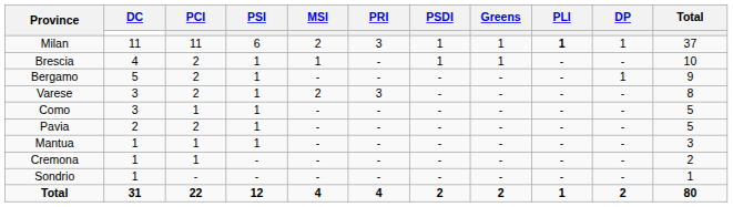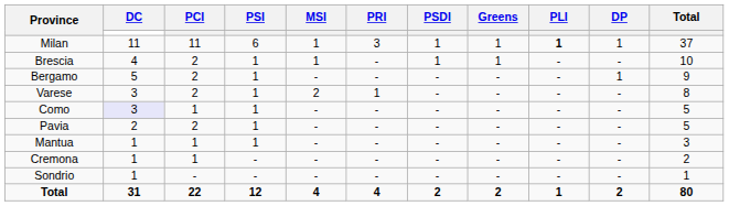 <table class="wikitable" style="text-align:center;font-size:85%;line-height:13px">
 <tr style="height:30px; background-color:#E9E9E9">
 <th style="width:110px;" rowspan="2">Province</th>
 <th style="width:65px;"><a href='#'>DC</a></th>
 <th style="width:65px;"><a href='#'>PCI</a></th>
 <th style="width:65px;"><a href='#'>PSI</a></th>
 <th style="width:65px;"><a href='#'>MSI</a></th>
 <th style="width:65px;"><a href='#'>PRI</a></th>
 <th style="width:65px;"><a href='#'>PSDI</a></th>
 <th style="width:65px;"><a href='#'>Greens</a></th>
 <th style="width:65px;"><a href='#'>PLI</a></th>
 <th style="width:65px;"><a href='#'>DP</a></th>
 <th style="width:80px;">Total</th>
 </tr>
 <tr>
 <th style="background:white;"></th>
 <th style="background:"></th>
 <th style="background:"></th>
 <th style="background:"></th>
 <th style="background:"></th>
 <th style="background:"></th>
 <th style="background:"></th>
 <th style="background:"></th>
 <th style="background:"></th>
 <th style="background:"></th>
 </tr>
 <tr>
 <td>Milan</td>
 <td>11</td>
 <td>11</td>
 <td>6</td>
-<td>2</td>
+<td>1</td>
 <td>3</td>
 <td>1</td>
 <td>1</td>
 <td><strong>1</strong></td>
 <td>1</td>
 <td>37</td>
 </tr>
 <tr>
 <td>Brescia</td>
 <td>4</td>
 <td>2</td>
 <td>1</td>
 <td>1</td>
 <td>-</td>
 <td>1</td>
 <td>1</td>
 <td>-</td>
 <td>-</td>
 <td>10</td>
 </tr>
 <tr>
 <td>Bergamo</td>
 <td>5</td>
 <td>2</td>
 <td>1</td>
 <td>-</td>
 <td>-</td>
 <td>-</td>
 <td>-</td>
 <td>-</td>
 <td>1</td>
 <td>9</td>
 </tr>
 <tr>
 <td>Varese</td>
 <td>3</td>
 <td>2</td>
 <td>1</td>
 <td>2</td>
-<td>3</td>
+<td>1</td>
 <td>-</td>
 <td>-</td>
 <td>-</td>
 <td>-</td>
 <td>8</td>
 </tr>
 <tr>
 <td>Como</td>
-<td>3</td>
+<td style="background: lavender;">3</td>
 <td>1</td>
 <td>1</td>
 <td>-</td>
 <td>-</td>
 <td>-</td>
 <td>-</td>
 <td>-</td>
 <td>-</td>
 <td>5</td>
 </tr>
 <tr>
 <td>Pavia</td>
 <td>2</td>
 <td>2</td>
 <td>1</td>
 <td>-</td>
 <td>-</td>
 <td>-</td>
 <td>-</td>
 <td>-</td>
 <td>-</td>
 <td>5</td>
 </tr>
 <tr>
 <td>Mantua</td>
 <td>1</td>
 <td>1</td>
 <td>1</td>
 <td>-</td>
 <td>-</td>
 <td>-</td>
 <td>-</td>
 <td>-</td>
 <td>-</td>
 <td>3</td>
 </tr>
 <tr>
 <td>Cremona</td>
 <td>1</td>
 <td>1</td>
 <td>-</td>
 <td>-</td>
 <td>-</td>
 <td>-</td>
 <td>-</td>
 <td>-</td>
 <td>-</td>
 <td>2</td>
 </tr>
 <tr>
 <td>Sondrio</td>
 <td>1</td>
 <td>-</td>
 <td>-</td>
 <td>-</td>
 <td>-</td>
 <td>-</td>
 <td>-</td>
 <td>-</td>
 <td>-</td>
 <td>1</td>
 </tr>
 <tr>
 <td><strong>Total</strong></td>
 <td><strong>31</strong></td>
 <td><strong>22</strong></td>
 <td><strong>12</strong></td>
 <td><strong>4</strong></td>
 <td><strong>4</strong></td>
 <td><strong>2</strong></td>
 <td><strong>2</strong></td>
 <td><strong>1</strong></td>
 <td><strong>2</strong></td>
 <td><strong>80</strong></td>
 </tr>
 </table>
